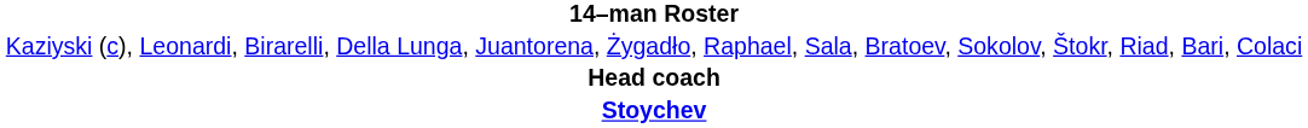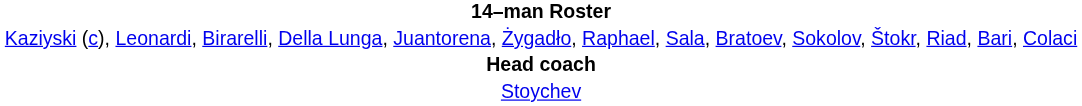 <table style="text-align:center; margin-top:2em; margin-left:auto; margin-right:auto">
 <tr>
 <td><strong>14–man Roster</strong></td>
 </tr>
 <tr>
 <td><a href='#'>Kaziyski</a> (<a href='#'>c</a>), <a href='#'>Leonardi</a>, <a href='#'>Birarelli</a>, <a href='#'>Della Lunga</a>, <a href='#'>Juantorena</a>, <a href='#'>Żygadło</a>, <a href='#'>Raphael</a>, <a href='#'>Sala</a>, <a href='#'>Bratoev</a>, <a href='#'>Sokolov</a>, <a href='#'>Štokr</a>, <a href='#'>Riad</a>, <a href='#'>Bari</a>, <a href='#'>Colaci</a></td>
 </tr>
 <tr>
 <td><strong>Head coach</strong></td>
 </tr>
 <tr>
-<td><strong><a href='#'>Stoychev</a></strong></td>
+<td><a href='#'>Stoychev</a></td>
 </tr>
 </table>
